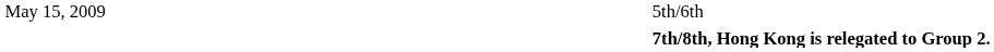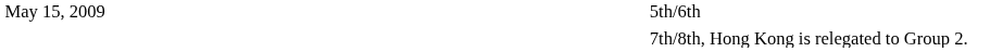 <table style="font-size:90%">
 <tr>
 <td width=100>May 15, 2009</td>
 <td width=150 align=right><strong></strong></td>
 <td width=100 align=center></td>
 <td></td>
 <td>5th/6th</td>
 </tr>
 <tr>
 <td></td>
 <td align=right></td>
 <td align=center></td>
 <td width=150><strong></strong></td>
-<td><strong>7th/8th, Hong Kong is relegated to Group 2.</strong></td>
+<td>7th/8th, Hong Kong is relegated to Group 2.</td>
 </tr>
 </table>
